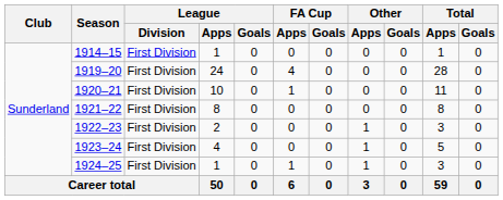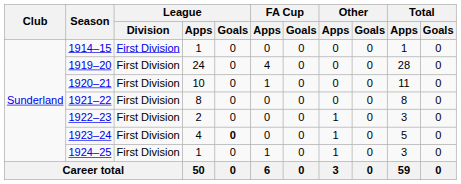 <table class="wikitable" style="text-align: center">
 <tr>
 <th rowspan="2">Club</th>
 <th rowspan="2">Season</th>
 <th colspan="3">League</th>
 <th colspan="2">FA Cup</th>
 <th colspan="2">Other</th>
 <th colspan="2">Total</th>
 </tr>
 <tr>
 <th>Division</th>
 <th>Apps</th>
 <th>Goals</th>
 <th>Apps</th>
 <th>Goals</th>
 <th>Apps</th>
 <th>Goals</th>
 <th>Apps</th>
 <th>Goals</th>
 </tr>
 <tr>
 <td rowspan="7"><a href='#'>Sunderland</a></td>
 <td><a href='#'>1914–15</a></td>
 <td><a href='#'>First Division</a></td>
 <td>1</td>
 <td>0</td>
 <td>0</td>
 <td>0</td>
 <td>0</td>
 <td>0</td>
 <td>1</td>
 <td>0</td>
 </tr>
 <tr>
 <td><a href='#'>1919–20</a></td>
 <td>First Division</td>
 <td>24</td>
 <td>0</td>
 <td>4</td>
 <td>0</td>
 <td>0</td>
 <td>0</td>
 <td>28</td>
 <td>0</td>
 </tr>
 <tr>
 <td><a href='#'>1920–21</a></td>
 <td>First Division</td>
 <td>10</td>
 <td>0</td>
 <td>1</td>
 <td>0</td>
 <td>0</td>
 <td>0</td>
 <td>11</td>
 <td>0</td>
 </tr>
 <tr>
 <td><a href='#'>1921–22</a></td>
 <td>First Division</td>
 <td>8</td>
 <td>0</td>
 <td>0</td>
 <td>0</td>
 <td>0</td>
 <td>0</td>
 <td>8</td>
 <td>0</td>
 </tr>
 <tr>
 <td><a href='#'>1922–23</a></td>
 <td>First Division</td>
 <td>2</td>
 <td>0</td>
 <td>0</td>
 <td>0</td>
 <td>1</td>
 <td>0</td>
 <td>3</td>
 <td>0</td>
 </tr>
 <tr>
 <td><a href='#'>1923–24</a></td>
 <td>First Division</td>
 <td>4</td>
-<td>0</td>
+<td><strong>0</strong></td>
 <td>0</td>
 <td>0</td>
 <td>1</td>
 <td>0</td>
 <td>5</td>
 <td>0</td>
 </tr>
 <tr>
 <td><a href='#'>1924–25</a></td>
 <td>First Division</td>
 <td>1</td>
 <td>0</td>
 <td>1</td>
 <td>0</td>
 <td>1</td>
 <td>0</td>
 <td>3</td>
 <td>0</td>
 </tr>
 <tr>
 <th colspan="3">Career total</th>
 <th>50</th>
 <th>0</th>
 <th>6</th>
 <th>0</th>
 <th>3</th>
 <th>0</th>
 <th>59</th>
 <th>0</th>
 </tr>
 </table>
